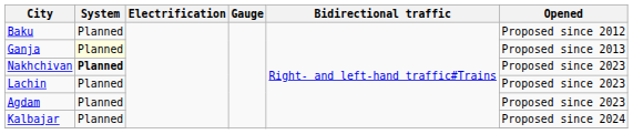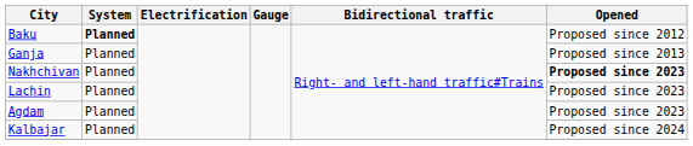 <table class="wikitable">
 <tr>
 <th>City</th>
 <th>System</th>
 <th>Electrification</th>
 <th>Gauge</th>
 <th>Bidirectional traffic</th>
 <th>Opened</th>
 </tr>
 <tr>
 <td><a href='#'>Baku</a></td>
-<td>Planned</td>
+<td><strong>Planned</strong></td>
 <td rowspan="9"></td>
 <td rowspan="8"></td>
 <td rowspan="9"><a href='#'>Right- and left-hand traffic#Trains</a></td>
 <td>Proposed since 2012</td>
 </tr>
 <tr>
 <td><a href='#'>Ganja</a></td>
-<td style="background: lightyellow;">Planned</td>
+<td>Planned</td>
 <td>Proposed since 2013</td>
 </tr>
 <tr>
 <td><a href='#'>Nakhchivan</a></td>
-<td><strong>Planned</strong></td>
-<td>Proposed since 2023</td>
+<td>Planned</td>
+<td><strong>Proposed since 2023</strong></td>
 </tr>
 <tr>
 <td><a href='#'>Lachin</a></td>
 <td>Planned</td>
 <td>Proposed since 2023</td>
 </tr>
 <tr>
 <td><a href='#'>Agdam</a></td>
 <td>Planned</td>
 <td>Proposed since 2023</td>
 </tr>
 <tr>
 <td><a href='#'>Kalbajar</a></td>
 <td>Planned</td>
 <td>Proposed since 2024</td>
 </tr>
 <tr>
 </tr>
 </table>
